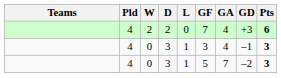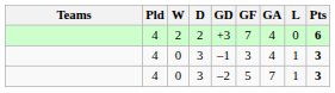 <table class="wikitable" style="text-align: center;">
 <tr>
 <th width=165>Teams</th>
 <th width=20>Pld</th>
 <th width=20>W</th>
 <th width=20>D</th>
-<th width=20>L</th>
+<th width=20>GD</th>
 <th width=20>GF</th>
 <th width=20>GA</th>
-<th width=20>GD</th>
+<th width=20>L</th>
 <th width=20>Pts</th>
 </tr>
 <tr align=center style="background:#ccffcc;">
 <td style="text-align:left;"></td>
 <td>4</td>
 <td>2</td>
 <td>2</td>
-<td>0</td>
+<td>+3</td>
 <td>7</td>
 <td>4</td>
-<td>+3</td>
+<td>0</td>
 <td><strong>6</strong></td>
 </tr>
 <tr align=center>
 <td style="text-align:left;"></td>
 <td>4</td>
 <td>0</td>
 <td>3</td>
-<td>1</td>
+<td>–1</td>
 <td>3</td>
 <td>4</td>
-<td>–1</td>
+<td>1</td>
 <td><strong>3</strong></td>
 </tr>
 <tr align=center>
 <td style="text-align:left;"></td>
 <td>4</td>
 <td>0</td>
 <td>3</td>
-<td>1</td>
+<td>–2</td>
 <td>5</td>
 <td>7</td>
-<td>–2</td>
+<td>1</td>
 <td><strong>3</strong></td>
 </tr>
 </table>
